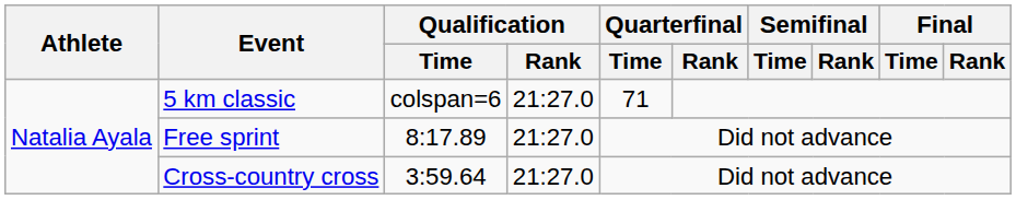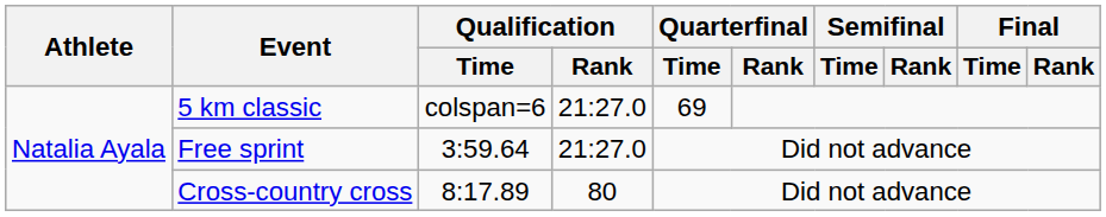 <table class="wikitable" style="font-size:90%">
 <tr>
 <th rowspan="2">Athlete</th>
 <th rowspan="2">Event</th>
 <th colspan="2">Qualification</th>
 <th colspan="2">Quarterfinal</th>
 <th colspan="2">Semifinal</th>
 <th colspan="2">Final</th>
 </tr>
 <tr style="font-size:95%">
 <th>Time</th>
 <th>Rank</th>
 <th>Time</th>
 <th>Rank</th>
 <th>Time</th>
 <th>Rank</th>
 <th>Time</th>
 <th>Rank</th>
 </tr>
 <tr align=center>
 <td align=left rowspan=3><a href='#'>Natalia Ayala</a></td>
 <td align=left><a href='#'>5 km classic</a></td>
 <td>colspan=6 </td>
 <td>21:27.0</td>
-<td>71</td>
+<td>69</td>
 </tr>
 <tr align=center>
 <td align=left><a href='#'>Free sprint</a></td>
-<td>8:17.89</td>
+<td>3:59.64</td>
 <td>21:27.0</td>
 <td colspan=6>Did not advance</td>
 </tr>
 <tr align=center>
 <td align=left><a href='#'>Cross-country cross</a></td>
-<td>3:59.64</td>
-<td>21:27.0</td>
+<td>8:17.89</td>
+<td>80</td>
 <td colspan=6>Did not advance</td>
 </tr>
 </table>
